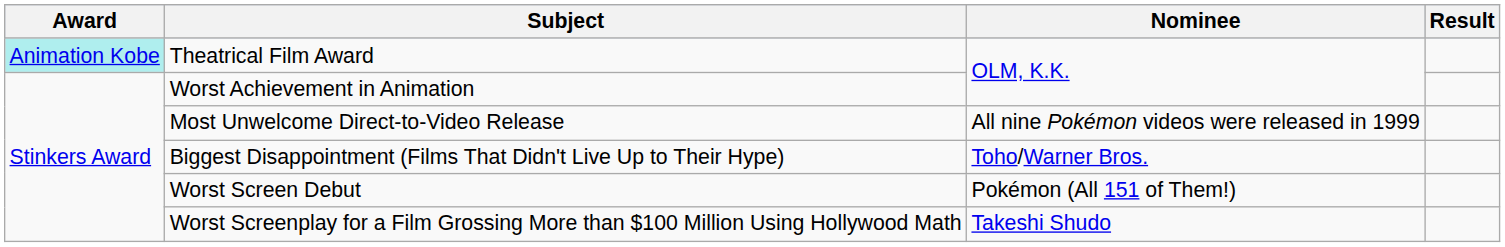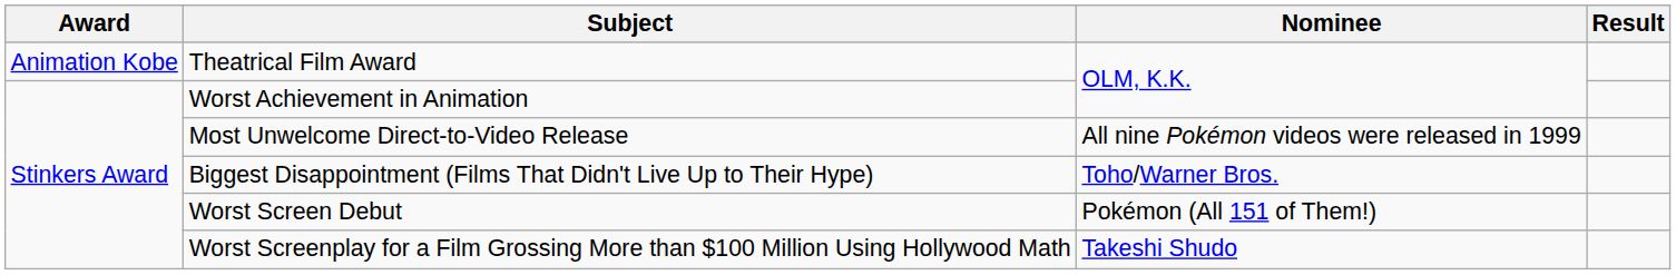 <table class="wikitable">
 <tr style="background:#b0c4de; text-align:center;">
 <th>Award</th>
 <th>Subject</th>
 <th>Nominee</th>
 <th>Result</th>
 </tr>
 <tr>
-<td rowspan=1 style="background: paleturquoise;"><a href='#'>Animation Kobe</a></td>
+<td rowspan=1><a href='#'>Animation Kobe</a></td>
 <td>Theatrical Film Award</td>
 <td rowspan="2"><a href='#'>OLM, K.K.</a></td>
 <td></td>
 </tr>
 <tr>
 <td rowspan=5><a href='#'>Stinkers Award</a></td>
 <td>Worst Achievement in Animation</td>
 <td></td>
 </tr>
 <tr>
 <td>Most Unwelcome Direct-to-Video Release</td>
 <td>All nine <em>Pokémon</em> videos were released in 1999</td>
 <td></td>
 </tr>
 <tr>
 <td>Biggest Disappointment (Films That Didn't Live Up to Their Hype)</td>
 <td><a href='#'>Toho</a>/<a href='#'>Warner Bros.</a></td>
 <td></td>
 </tr>
 <tr>
 <td>Worst Screen Debut</td>
 <td>Pokémon (All <a href='#'>151</a> of Them!)</td>
 <td></td>
 </tr>
 <tr>
 <td>Worst Screenplay for a Film Grossing More than $100 Million Using Hollywood Math</td>
 <td><a href='#'>Takeshi Shudo</a></td>
 <td></td>
 </tr>
 </table>
